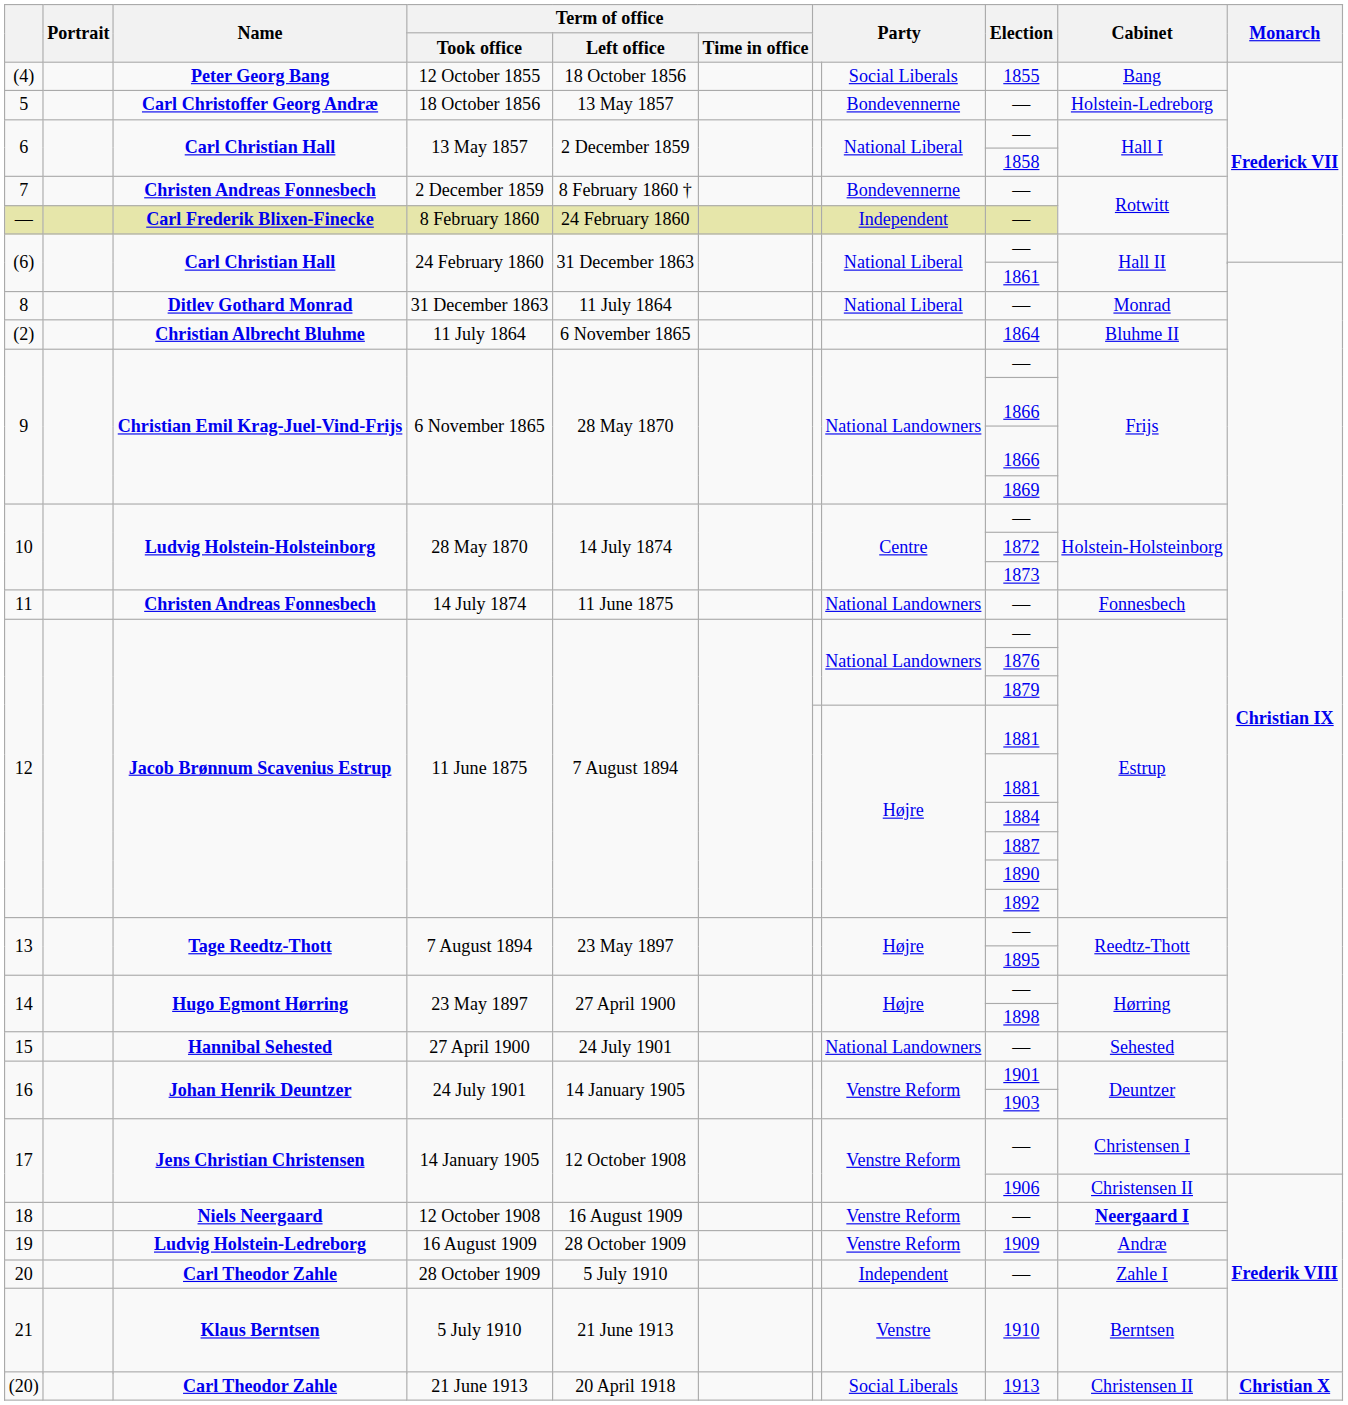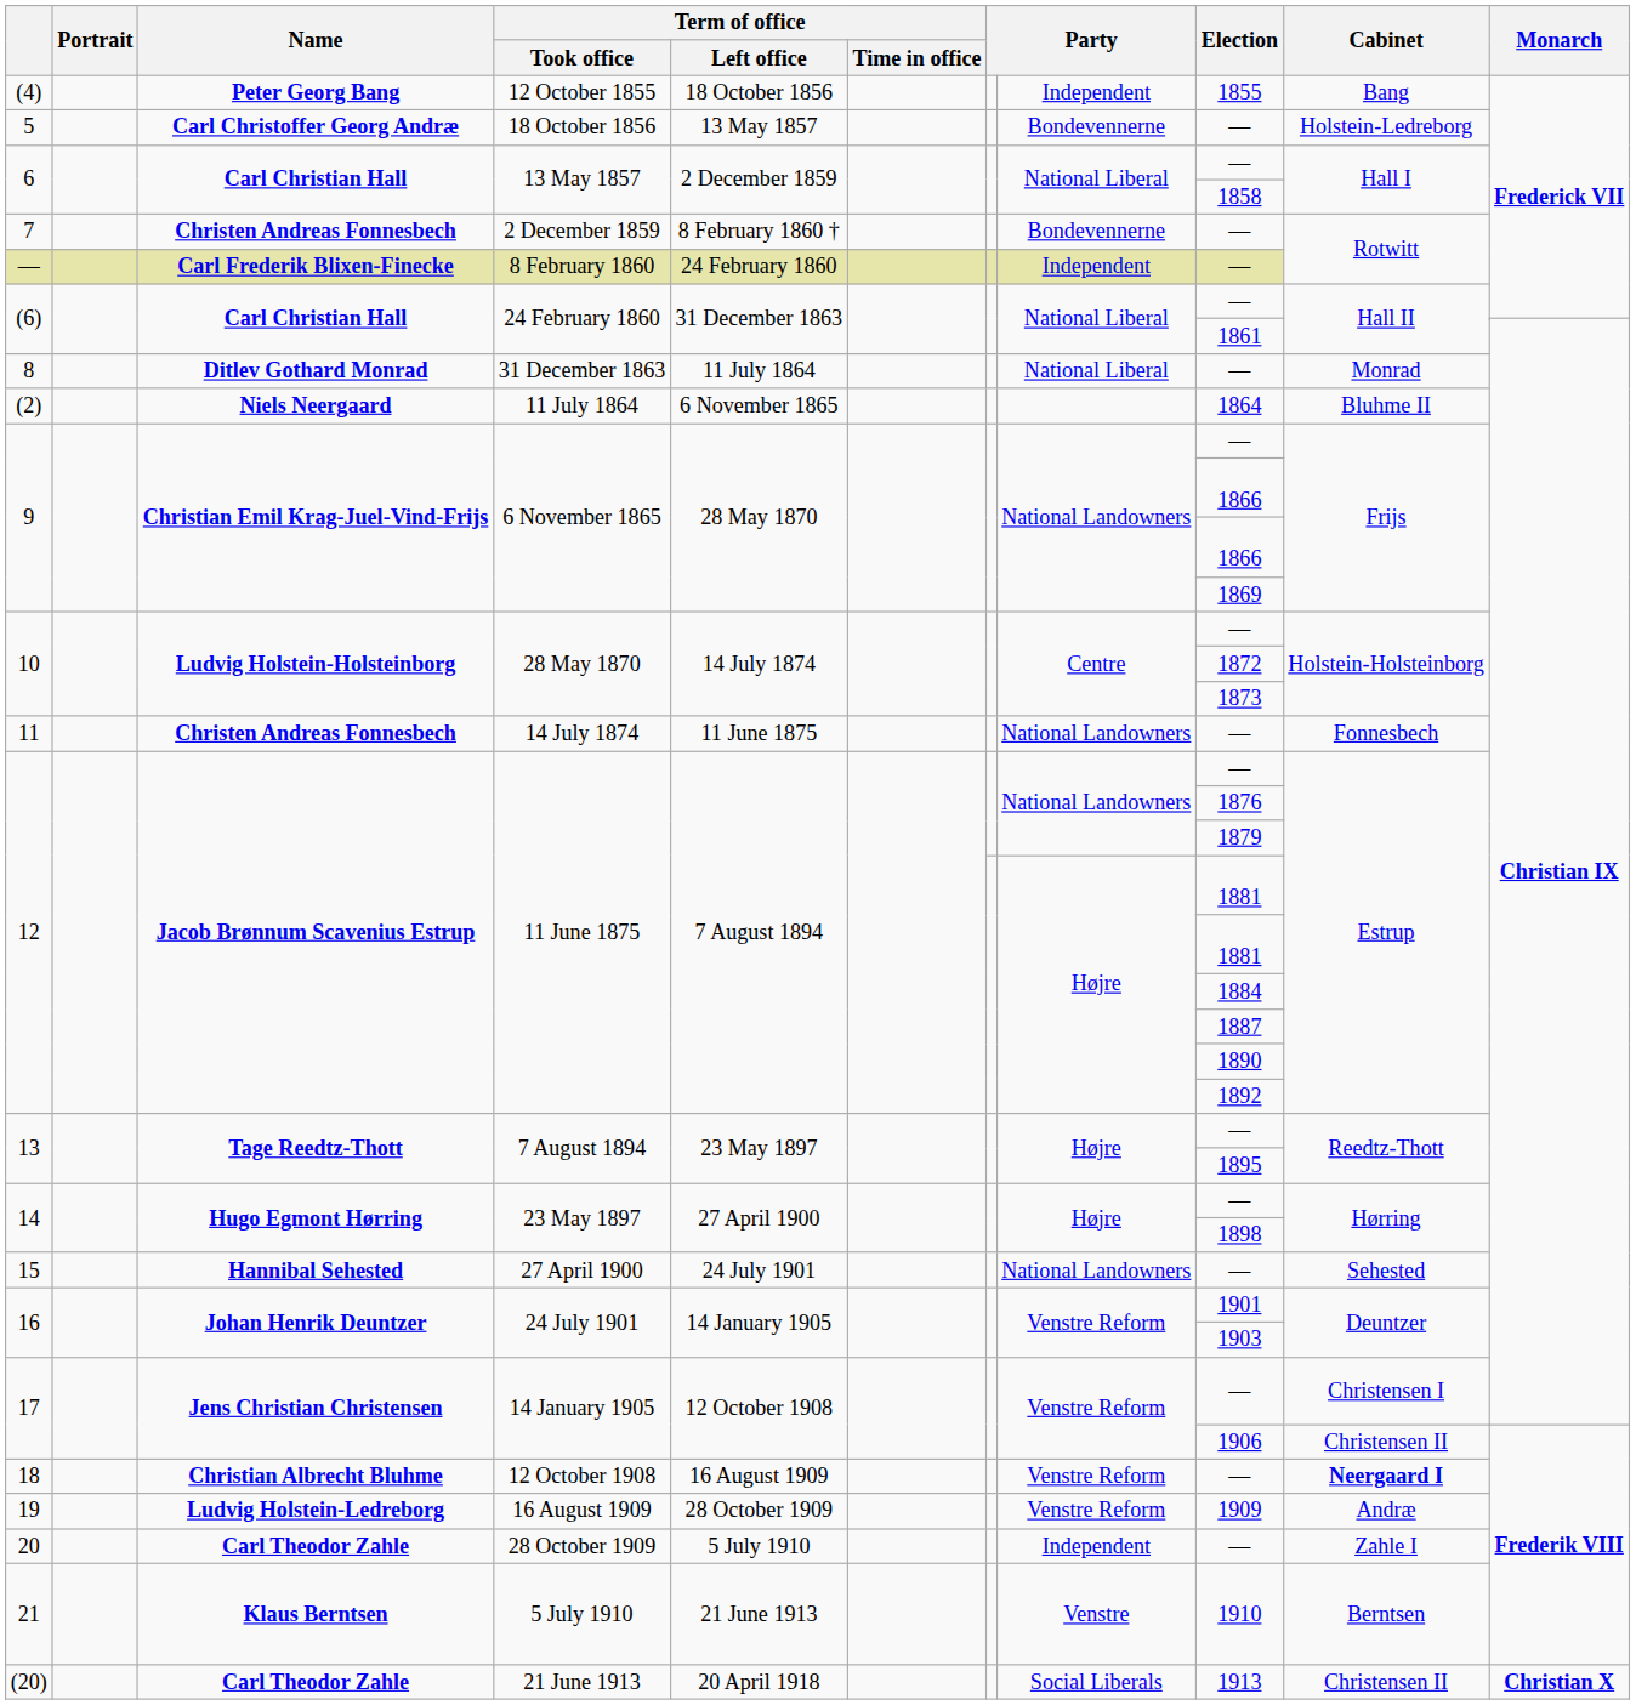 <table class="wikitable" style="text-align:center">
 <tr>
 <th rowspan=2></th>
 <th rowspan=2>Portrait</th>
 <th rowspan=2>Name<br></th>
 <th colspan=3>Term of office</th>
 <th colspan=2 rowspan=2>Party</th>
 <th rowspan=2>Election</th>
 <th rowspan=2>Cabinet<br></th>
 <th rowspan=2><a href='#'>Monarch</a><br></th>
 </tr>
 <tr>
 <th>Took office</th>
 <th>Left office</th>
 <th>Time in office</th>
 </tr>
 <tr>
 <td>(4)</td>
 <td></td>
 <td><strong><a href='#'>Peter Georg Bang</a></strong><br></td>
 <td>12 October 1855</td>
 <td>18 October 1856</td>
 <td></td>
 <td style="background:"></td>
-<td><a href='#'>Social Liberals</a></td>
+<td><a href='#'>Independent</a></td>
 <td><a href='#'>1855</a></td>
 <td><a href='#'>Bang</a><br></td>
 <td rowspan="8"><strong><a href='#'>Frederick VII</a></strong><br></td>
 </tr>
 <tr>
 <td>5</td>
 <td></td>
 <td><strong><a href='#'>Carl Christoffer Georg Andræ</a></strong><br></td>
 <td>18 October 1856</td>
 <td>13 May 1857</td>
 <td></td>
 <td style="background:"></td>
 <td><a href='#'>Bondevennerne</a></td>
 <td>—</td>
 <td><a href='#'>Holstein-Ledreborg</a><br></td>
 </tr>
 <tr>
 <td rowspan="2">6</td>
 <td rowspan="2"></td>
 <td rowspan="2"><strong><a href='#'>Carl Christian Hall</a></strong><br></td>
 <td rowspan="2">13 May 1857</td>
 <td rowspan="2">2 December 1859</td>
 <td rowspan="2"></td>
 <td rowspan="2" style="background:"></td>
 <td rowspan="2"><a href='#'>National Liberal</a></td>
 <td>—</td>
 <td rowspan="2"><a href='#'>Hall I</a><br></td>
 </tr>
 <tr>
 <td><a href='#'>1858</a></td>
 </tr>
 <tr>
 <td>7</td>
 <td></td>
 <td><strong><a href='#'>Christen Andreas Fonnesbech</a></strong><br></td>
 <td>2 December 1859</td>
 <td>8 February 1860 †</td>
 <td></td>
 <td style="background:"></td>
 <td><a href='#'>Bondevennerne</a></td>
 <td>—</td>
 <td rowspan="2"><a href='#'>Rotwitt</a><br></td>
 </tr>
 <tr style="background:#e6e6aa;">
 <td>—</td>
 <td></td>
 <td><strong><a href='#'>Carl Frederik Blixen-Finecke</a></strong><br></td>
 <td>8 February 1860</td>
 <td>24 February 1860</td>
 <td></td>
 <td style="background:"></td>
 <td><a href='#'>Independent</a></td>
 <td>—</td>
 </tr>
 <tr>
 <td rowspan="3">(6)</td>
 <td rowspan="3"></td>
 <td rowspan="3"><strong><a href='#'>Carl Christian Hall</a></strong><br></td>
 <td rowspan="3">24 February 1860</td>
 <td rowspan="3">31 December 1863</td>
 <td rowspan="3"></td>
 <td rowspan="3" style="background:"></td>
 <td rowspan="3"><a href='#'>National Liberal</a></td>
 <td>—</td>
 <td rowspan="3"><a href='#'>Hall II</a><br></td>
 </tr>
 <tr>
 <td rowspan="2"><a href='#'>1861</a></td>
 </tr>
 <tr>
 <td rowspan="28"><strong><a href='#'>Christian IX</a></strong><br></td>
 </tr>
 <tr>
 <td>8</td>
 <td></td>
 <td><strong><a href='#'>Ditlev Gothard Monrad</a></strong><br></td>
 <td>31 December 1863</td>
 <td>11 July 1864</td>
 <td></td>
 <td style="background:"></td>
 <td><a href='#'>National Liberal</a></td>
 <td>—</td>
 <td><a href='#'>Monrad</a><br></td>
 </tr>
 <tr>
 <td>(2)</td>
 <td></td>
-<td><strong><a href='#'>Christian Albrecht Bluhme</a></strong><br></td>
+<td><strong><a href='#'>Niels Neergaard</a></strong><br></td>
 <td>11 July 1864</td>
 <td>6 November 1865</td>
 <td></td>
 <td style="background:"></td>
 <td></td>
 <td><a href='#'>1864</a></td>
 <td><a href='#'>Bluhme II</a><br></td>
 </tr>
 <tr>
 <td rowspan="4">9</td>
 <td rowspan="4"></td>
 <td rowspan="4"><strong><a href='#'>Christian Emil Krag-Juel-Vind-Frijs</a></strong><br></td>
 <td rowspan="4">6 November 1865</td>
 <td rowspan="4">28 May 1870</td>
 <td rowspan="4"></td>
 <td rowspan="4" style="background:"></td>
 <td rowspan="4"><a href='#'>National Landowners</a></td>
 <td>—</td>
 <td rowspan="4"><a href='#'>Frijs</a><br></td>
 </tr>
 <tr>
 <td><a href='#'><br>1866</a></td>
 </tr>
 <tr>
 <td><a href='#'><br>1866</a></td>
 </tr>
 <tr>
 <td><a href='#'>1869</a></td>
 </tr>
 <tr>
 <td rowspan="3">10</td>
 <td rowspan="3"></td>
 <td rowspan="3"><strong><a href='#'>Ludvig Holstein-Holsteinborg</a></strong><br></td>
 <td rowspan="3">28 May 1870</td>
 <td rowspan="3">14 July 1874</td>
 <td rowspan="3"></td>
 <td rowspan="3" style="background:"></td>
 <td rowspan="3"><a href='#'>Centre</a></td>
 <td>—</td>
 <td rowspan="3"><a href='#'>Holstein-Holsteinborg</a><br></td>
 </tr>
 <tr>
 <td><a href='#'>1872</a></td>
 </tr>
 <tr>
 <td><a href='#'>1873</a></td>
 </tr>
 <tr>
 <td>11</td>
 <td></td>
 <td><strong><a href='#'>Christen Andreas Fonnesbech</a></strong><br></td>
 <td>14 July 1874</td>
 <td>11 June 1875</td>
 <td></td>
 <td style="background:"></td>
 <td><a href='#'>National Landowners</a></td>
 <td>—</td>
 <td><a href='#'>Fonnesbech</a><br></td>
 </tr>
 <tr>
 <td rowspan="9">12</td>
 <td rowspan="9"></td>
 <td rowspan="9"><strong><a href='#'>Jacob Brønnum Scavenius Estrup</a></strong><br></td>
 <td rowspan="9">11 June 1875</td>
 <td rowspan="9">7 August 1894</td>
 <td rowspan="9"></td>
 <td rowspan="3" style="background:"></td>
 <td rowspan="3"><a href='#'>National Landowners</a></td>
 <td>—</td>
 <td rowspan="9"><a href='#'>Estrup</a><br></td>
 </tr>
 <tr>
 <td><a href='#'>1876</a></td>
 </tr>
 <tr>
 <td><a href='#'>1879</a></td>
 </tr>
 <tr>
 <td rowspan="6" style="background:"></td>
 <td rowspan="6"><a href='#'>Højre</a></td>
 <td><a href='#'><br>1881</a></td>
 </tr>
 <tr>
 <td><a href='#'><br>1881</a></td>
 </tr>
 <tr>
 <td><a href='#'>1884</a></td>
 </tr>
 <tr>
 <td><a href='#'>1887</a></td>
 </tr>
 <tr>
 <td><a href='#'>1890</a></td>
 </tr>
 <tr>
 <td><a href='#'>1892</a></td>
 </tr>
 <tr>
 <td rowspan="2">13</td>
 <td rowspan="2"></td>
 <td rowspan="2"><strong><a href='#'>Tage Reedtz-Thott</a></strong><br></td>
 <td rowspan="2">7 August 1894</td>
 <td rowspan="2">23 May 1897</td>
 <td rowspan="2"></td>
 <td rowspan="2" style="background:"></td>
 <td rowspan="2"><a href='#'>Højre</a></td>
 <td>—</td>
 <td rowspan="2"><a href='#'>Reedtz-Thott</a><br></td>
 </tr>
 <tr>
 <td><a href='#'>1895</a></td>
 </tr>
 <tr>
 <td rowspan="2">14</td>
 <td rowspan="2"></td>
 <td rowspan="2"><strong><a href='#'>Hugo Egmont Hørring</a></strong><br></td>
 <td rowspan="2">23 May 1897</td>
 <td rowspan="2">27 April 1900</td>
 <td rowspan="2"></td>
 <td rowspan="2" style="background:"></td>
 <td rowspan="2"><a href='#'>Højre</a></td>
 <td>—</td>
 <td rowspan="2"><a href='#'>Hørring</a><br></td>
 </tr>
 <tr>
 <td><a href='#'>1898</a></td>
 </tr>
 <tr>
 <td>15</td>
 <td></td>
 <td><strong><a href='#'>Hannibal Sehested</a></strong><br></td>
 <td>27 April 1900</td>
 <td>24 July 1901</td>
 <td></td>
 <td style="background:"></td>
 <td><a href='#'>National Landowners</a></td>
 <td>—</td>
 <td><a href='#'>Sehested</a><br></td>
 </tr>
 <tr>
 <td rowspan="2">16</td>
 <td rowspan="2"></td>
 <td rowspan="2"><strong><a href='#'>Johan Henrik Deuntzer</a></strong><br></td>
 <td rowspan="2">24 July 1901</td>
 <td rowspan="2">14 January 1905</td>
 <td rowspan="2"></td>
 <td rowspan="2" style="background:"></td>
 <td rowspan="2"><a href='#'>Venstre Reform</a></td>
 <td><a href='#'>1901</a></td>
 <td rowspan="2"><a href='#'>Deuntzer</a><br></td>
 </tr>
 <tr>
 <td><a href='#'>1903</a></td>
 </tr>
 <tr style="height:49px;">
 <td rowspan="3">17</td>
 <td rowspan="3"></td>
 <td rowspan="3"><strong><a href='#'>Jens Christian Christensen</a></strong><br></td>
 <td rowspan="3">14 January 1905</td>
 <td rowspan="3">12 October 1908</td>
 <td rowspan="3"></td>
 <td rowspan="3" style="background:"></td>
 <td rowspan="3"><a href='#'>Venstre Reform</a></td>
 <td rowspan="2">—</td>
 <td rowspan="2"><a href='#'>Christensen I</a><br></td>
 </tr>
 <tr>
 <td rowspan="6"><strong><a href='#'>Frederik VIII</a></strong><br></td>
 </tr>
 <tr>
 <td><a href='#'>1906</a></td>
 <td><a href='#'>Christensen II</a><br></td>
 </tr>
 <tr>
 <td>18</td>
 <td></td>
-<td><strong><a href='#'>Niels Neergaard</a></strong><br></td>
+<td><strong><a href='#'>Christian Albrecht Bluhme</a></strong><br></td>
 <td>12 October 1908</td>
 <td>16 August 1909</td>
 <td></td>
 <td style="background:"></td>
 <td><a href='#'>Venstre Reform</a></td>
 <td>—</td>
 <td><strong><a href='#'>Neergaard I</a><br></strong></td>
 </tr>
 <tr>
 <td>19</td>
 <td></td>
 <td><strong><a href='#'>Ludvig Holstein-Ledreborg</a></strong><br></td>
 <td>16 August 1909</td>
 <td>28 October 1909</td>
 <td></td>
 <td style="background:"></td>
 <td><a href='#'>Venstre Reform</a></td>
 <td><a href='#'>1909</a></td>
 <td><a href='#'>Andræ</a><br></td>
 </tr>
 <tr>
 <td>20</td>
 <td></td>
 <td><strong><a href='#'>Carl Theodor Zahle</a></strong><br></td>
 <td>28 October 1909</td>
 <td>5 July 1910</td>
 <td></td>
 <td style="background:"></td>
 <td><a href='#'>Independent</a></td>
 <td>—</td>
 <td><a href='#'>Zahle I</a><br></td>
 </tr>
 <tr style="height:74px;">
 <td rowspan="2">21</td>
 <td rowspan="2"></td>
 <td rowspan="2"><strong><a href='#'>Klaus Berntsen</a></strong><br></td>
 <td rowspan="2">5 July 1910</td>
 <td rowspan="2">21 June 1913</td>
 <td rowspan="2"></td>
 <td rowspan="2" style="background:"></td>
 <td rowspan="2"><a href='#'>Venstre</a></td>
 <td rowspan="2"><a href='#'>1910</a></td>
 <td rowspan="2"><a href='#'>Berntsen</a><br></td>
 </tr>
 <tr>
 <td rowspan="2"><strong><a href='#'>Christian X</a></strong><br></td>
 </tr>
 <tr>
 <td>(20)</td>
 <td></td>
 <td><strong><a href='#'>Carl Theodor Zahle</a></strong><br></td>
 <td>21 June 1913</td>
 <td>20 April 1918</td>
 <td></td>
 <td style="background:"></td>
 <td><a href='#'>Social Liberals</a></td>
 <td><a href='#'>1913</a></td>
 <td><a href='#'>Christensen II</a><br></td>
 </tr>
 </table>
